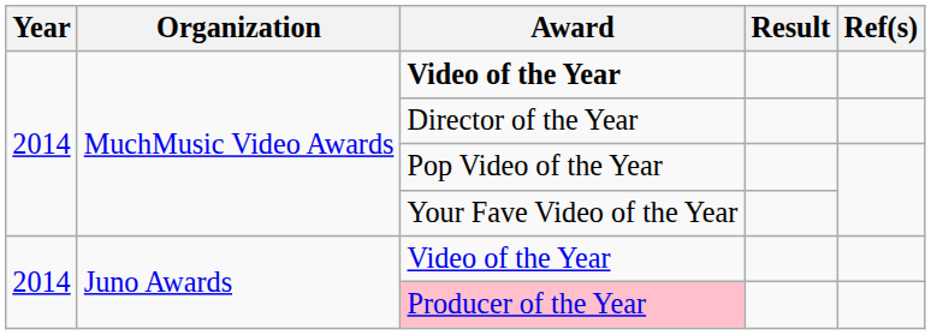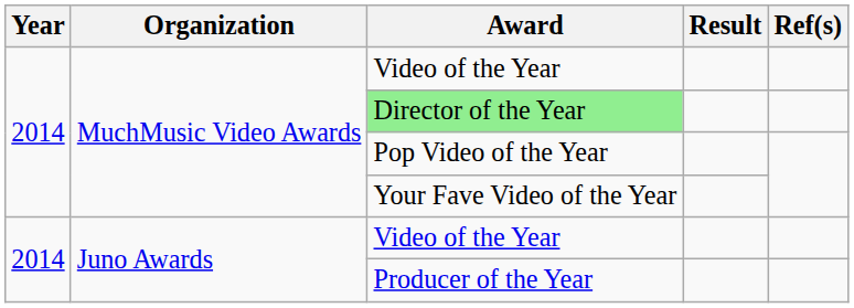 <table class="wikitable plainrowheaders">
 <tr align=center>
 <th scope="col">Year</th>
 <th scope="col">Organization</th>
 <th scope="col">Award</th>
 <th scope="col">Result</th>
 <th scope="col">Ref(s)</th>
 </tr>
 <tr>
 <td rowspan="4"><a href='#'>2014</a></td>
 <td rowspan="4"><a href='#'>MuchMusic Video Awards</a></td>
-<td><strong>Video of the Year</strong></td>
+<td>Video of the Year</td>
 <td></td>
 <td style="text-align:center;"></td>
 </tr>
 <tr>
-<td>Director of the Year</td>
+<td style="background: lightgreen;">Director of the Year</td>
 <td></td>
 <td style="text-align:center;"></td>
 </tr>
 <tr>
 <td>Pop Video of the Year</td>
 <td></td>
 <td style="text-align:center;" rowspan="2"></td>
 </tr>
 <tr>
 <td>Your Fave Video of the Year</td>
 <td></td>
 </tr>
 <tr>
 <td rowspan="2"><a href='#'>2014</a></td>
 <td rowspan="2"><a href='#'>Juno Awards</a></td>
 <td><a href='#'>Video of the Year</a></td>
 <td></td>
 <td style="text-align:center;"></td>
 </tr>
 <tr>
-<td style="background: pink;"><a href='#'>Producer of the Year</a></td>
+<td><a href='#'>Producer of the Year</a></td>
 <td></td>
 <td style="text-align:center;"></td>
 </tr>
 </table>
